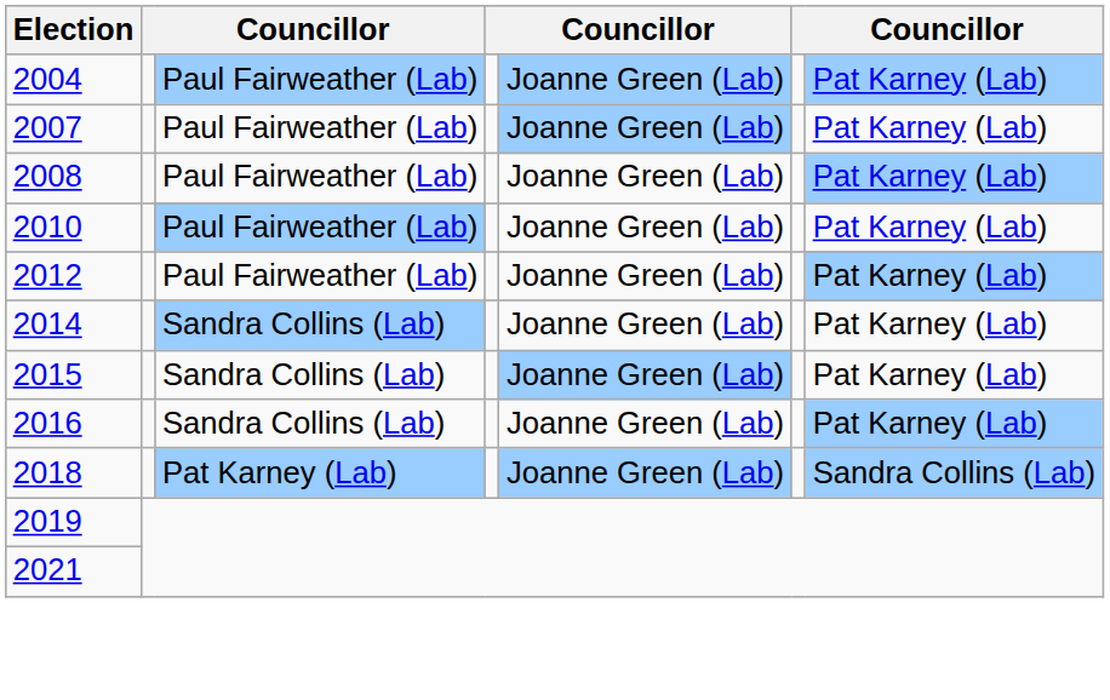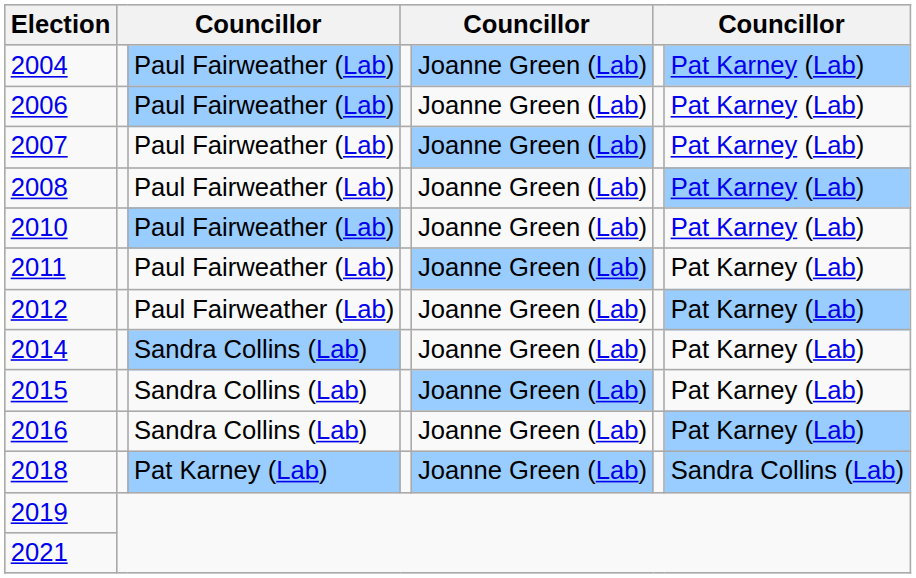 <table class="wikitable">
 <tr>
 <th>Election</th>
 <th colspan="2">Councillor</th>
 <th colspan="2">Councillor</th>
 <th colspan="2">Councillor</th>
 </tr>
 <tr>
 <td><a href='#'>2004</a></td>
 <td style="background-color: "></td>
 <td bgcolor="#99CCFF">Paul Fairweather (<a href='#'>Lab</a>)</td>
 <td style="background-color: "></td>
 <td bgcolor="#99CCFF">Joanne Green (<a href='#'>Lab</a>)</td>
 <td style="background-color: "></td>
 <td bgcolor="#99CCFF"><a href='#'>Pat Karney</a> (<a href='#'>Lab</a>)</td>
+</tr>
+<tr>
+<td><a href='#'>2006</a></td>
+<td style="background-color: "></td>
+<td bgcolor="#99CCFF">Paul Fairweather (<a href='#'>Lab</a>)</td>
+<td style="background-color: "></td>
+<td>Joanne Green (<a href='#'>Lab</a>)</td>
+<td style="background-color: "></td>
+<td><a href='#'>Pat Karney</a> (<a href='#'>Lab</a>)</td>
 </tr>
 <tr>
 <td><a href='#'>2007</a></td>
 <td style="background-color: "></td>
 <td>Paul Fairweather (<a href='#'>Lab</a>)</td>
 <td style="background-color: "></td>
 <td bgcolor="#99CCFF">Joanne Green (<a href='#'>Lab</a>)</td>
 <td style="background-color: "></td>
 <td><a href='#'>Pat Karney</a> (<a href='#'>Lab</a>)</td>
 </tr>
 <tr>
 <td><a href='#'>2008</a></td>
 <td style="background-color: "></td>
 <td>Paul Fairweather (<a href='#'>Lab</a>)</td>
 <td style="background-color: "></td>
 <td>Joanne Green (<a href='#'>Lab</a>)</td>
 <td style="background-color: "></td>
 <td bgcolor="#99CCFF"><a href='#'>Pat Karney</a> (<a href='#'>Lab</a>)</td>
 </tr>
 <tr>
 <td><a href='#'>2010</a></td>
 <td style="background-color: "></td>
 <td bgcolor="#99CCFF">Paul Fairweather (<a href='#'>Lab</a>)</td>
 <td style="background-color: "></td>
 <td>Joanne Green (<a href='#'>Lab</a>)</td>
 <td style="background-color: "></td>
 <td><a href='#'>Pat Karney</a> (<a href='#'>Lab</a>)</td>
+</tr>
+<tr>
+<td><a href='#'>2011</a></td>
+<td style="background-color: "></td>
+<td>Paul Fairweather (<a href='#'>Lab</a>)</td>
+<td style="background-color: "></td>
+<td bgcolor="#99CCFF">Joanne Green (<a href='#'>Lab</a>)</td>
+<td style="background-color: "></td>
+<td>Pat Karney (<a href='#'>Lab</a>)</td>
 </tr>
 <tr>
 <td><a href='#'>2012</a></td>
 <td style="background-color: "></td>
 <td>Paul Fairweather (<a href='#'>Lab</a>)</td>
 <td style="background-color: "></td>
 <td>Joanne Green (<a href='#'>Lab</a>)</td>
 <td style="background-color: "></td>
 <td bgcolor="#99CCFF">Pat Karney (<a href='#'>Lab</a>)</td>
 </tr>
 <tr>
 <td><a href='#'>2014</a></td>
 <td style="background-color: "></td>
 <td bgcolor="#99CCFF">Sandra Collins (<a href='#'>Lab</a>)</td>
 <td style="background-color: "></td>
 <td>Joanne Green (<a href='#'>Lab</a>)</td>
 <td style="background-color: "></td>
 <td>Pat Karney (<a href='#'>Lab</a>)</td>
 </tr>
 <tr>
 <td><a href='#'>2015</a></td>
 <td style="background-color: "></td>
 <td>Sandra Collins (<a href='#'>Lab</a>)</td>
 <td style="background-color: "></td>
 <td bgcolor="#99CCFF">Joanne Green (<a href='#'>Lab</a>)</td>
 <td style="background-color: "></td>
 <td>Pat Karney (<a href='#'>Lab</a>)</td>
 </tr>
 <tr>
 <td><a href='#'>2016</a></td>
 <td style="background-color: "></td>
 <td>Sandra Collins (<a href='#'>Lab</a>)</td>
 <td style="background-color: "></td>
 <td>Joanne Green (<a href='#'>Lab</a>)</td>
 <td style="background-color: "></td>
 <td bgcolor="#99CCFF">Pat Karney (<a href='#'>Lab</a>)</td>
 </tr>
 <tr>
 <td><a href='#'>2018</a></td>
 <td style="background-color: "></td>
 <td bgcolor="#99CCFF">Pat Karney (<a href='#'>Lab</a>)</td>
 <td style="background-color: "></td>
 <td bgcolor="#99CCFF">Joanne Green (<a href='#'>Lab</a>)</td>
 <td style="background-color: "></td>
 <td bgcolor="#99CCFF">Sandra Collins (<a href='#'>Lab</a>)</td>
 </tr>
 <tr>
 <td><a href='#'>2019</a><br>  </td>
 </tr>
 <tr>
 <td><a href='#'>2021</a><br>  </td>
 </tr>
 </table>
